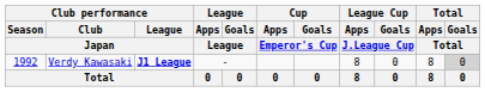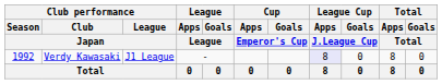 <table class="wikitable" style="text-align:center;">
 <tr>
 <th colspan=3>Club performance</th>
 <th colspan=2>League</th>
 <th colspan=2>Cup</th>
 <th colspan=2>League Cup</th>
 <th colspan=2>Total</th>
 </tr>
 <tr>
 <th>Season</th>
 <th>Club</th>
 <th>League</th>
 <th>Apps</th>
 <th>Goals</th>
 <th>Apps</th>
 <th>Goals</th>
 <th>Apps</th>
 <th>Goals</th>
 <th>Apps</th>
 <th>Goals</th>
 </tr>
 <tr>
 <th colspan=3>Japan</th>
 <th colspan=2>League</th>
 <th colspan=2><a href='#'>Emperor's Cup</a></th>
 <th colspan=2><a href='#'>J.League Cup</a></th>
 <th colspan=2>Total</th>
 </tr>
 <tr>
 <td><a href='#'>1992</a></td>
 <td><a href='#'>Verdy Kawasaki</a></td>
-<td><strong><a href='#'>J1 League</a></strong></td>
+<td><a href='#'>J1 League</a></td>
 <td colspan=2>-</td>
 <td></td>
 <td></td>
+<td style="background: lavender;">8</td>
+<td>0</td>
 <td>8</td>
 <td>0</td>
-<td>8</td>
-<td style="background: lightgrey;">0</td>
 </tr>
 <tr>
 <th colspan=3>Total</th>
 <th>0</th>
 <th>0</th>
 <th>0</th>
 <th>0</th>
 <th>8</th>
 <th>0</th>
 <th>8</th>
 <th>0</th>
 </tr>
 </table>
